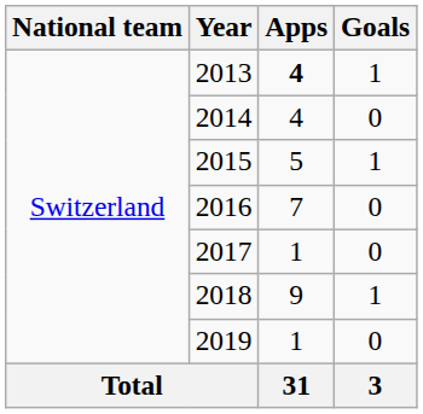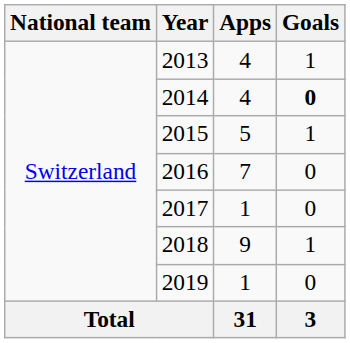 <table class=wikitable style="text-align: center">
 <tr>
 <th>National team</th>
 <th>Year</th>
 <th>Apps</th>
 <th>Goals</th>
 </tr>
 <tr>
 <td rowspan="7"><a href='#'>Switzerland</a></td>
 <td>2013</td>
-<td><strong>4</strong></td>
+<td>4</td>
 <td>1</td>
 </tr>
 <tr>
 <td>2014</td>
 <td>4</td>
-<td>0</td>
+<td><strong>0</strong></td>
 </tr>
 <tr>
 <td>2015</td>
 <td>5</td>
 <td>1</td>
 </tr>
 <tr>
 <td>2016</td>
 <td>7</td>
 <td>0</td>
 </tr>
 <tr>
 <td>2017</td>
 <td>1</td>
 <td>0</td>
 </tr>
 <tr>
 <td>2018</td>
 <td>9</td>
 <td>1</td>
 </tr>
 <tr>
 <td>2019</td>
 <td>1</td>
 <td>0</td>
 </tr>
 <tr>
 <th colspan="2">Total</th>
 <th>31</th>
 <th>3</th>
 </tr>
 </table>
